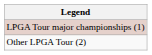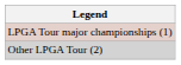 <table class="wikitable" style="font-size:95%;">
 <tr>
 <th>Legend</th>
 </tr>
 <tr style="background:#e5d1cb;">
 <td>LPGA Tour major championships (1)</td>
 </tr>
 <tr>
-<td>Other LPGA Tour (2)</td>
+<td style="background: lightgrey;">Other LPGA Tour (2)</td>
 </tr>
 </table>
